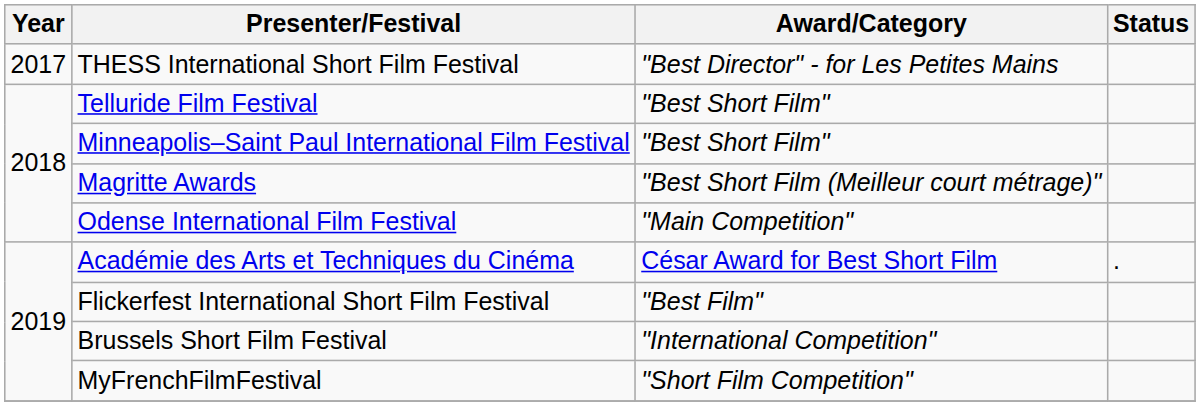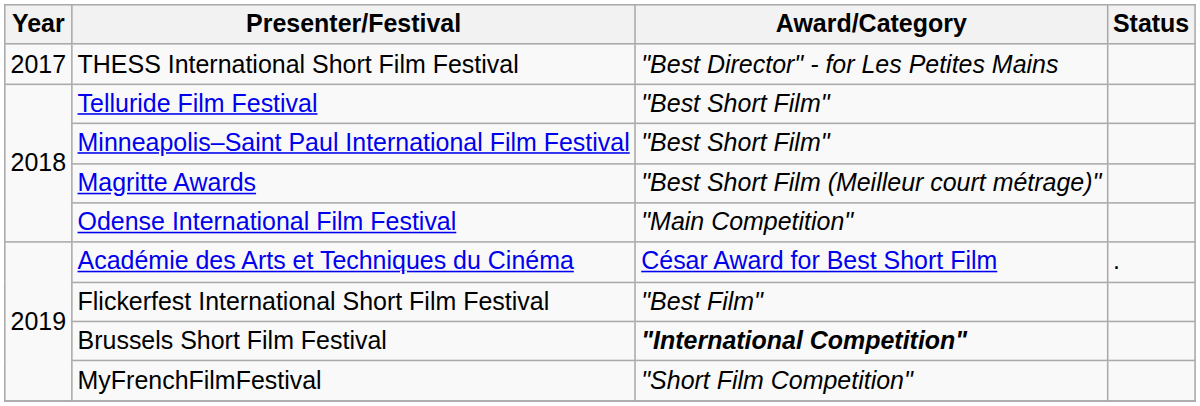 <table class="wikitable">
 <tr>
 <th>Year</th>
 <th>Presenter/Festival</th>
 <th>Award/Category</th>
 <th>Status</th>
 </tr>
 <tr>
 <td rowspan="1">2017</td>
 <td>THESS International Short Film Festival</td>
 <td><em>"Best Director" - for Les Petites Mains</em></td>
 <td></td>
 </tr>
 <tr>
 <td rowspan="4">2018</td>
 <td><a href='#'>Telluride Film Festival</a></td>
 <td><em>"Best Short Film"</em></td>
 <td></td>
 </tr>
 <tr>
 <td><a href='#'>Minneapolis–Saint Paul International Film Festival</a></td>
 <td><em>"Best Short Film"</em></td>
 <td></td>
 </tr>
 <tr>
 <td><a href='#'>Magritte Awards</a></td>
 <td><em>"Best Short Film (Meilleur court métrage)"</em></td>
 <td></td>
 </tr>
 <tr>
 <td><a href='#'>Odense International Film Festival</a></td>
 <td><em>"Main Competition"</em></td>
 <td></td>
 </tr>
 <tr>
 <td rowspan="4">2019</td>
 <td><a href='#'>Académie des Arts et Techniques du Cinéma</a></td>
 <td><a href='#'>César Award for Best Short Film</a></td>
 <td>.</td>
 </tr>
 <tr>
 <td>Flickerfest International Short Film Festival</td>
 <td><em>"Best Film"</em></td>
 <td></td>
 </tr>
 <tr>
 <td>Brussels Short Film Festival</td>
-<td><em>"International Competition"</em></td>
+<td><strong><em>"International Competition"</em></strong></td>
 <td></td>
 </tr>
 <tr>
 <td>MyFrenchFilmFestival</td>
 <td><em>"Short Film Competition"</em></td>
 <td> </td>
 </tr>
 <tr>
 </tr>
 </table>
